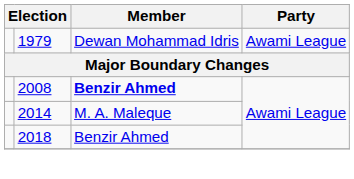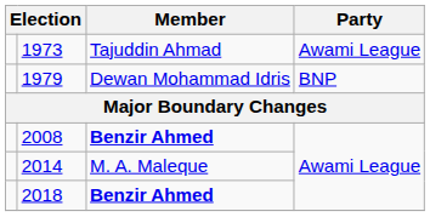 <table class="wikitable">
 <tr>
 <th colspan="2">Election</th>
 <th>Member</th>
 <th>Party</th>
 </tr>
 <tr>
 <td style="background-color:"></td>
+<td><a href='#'>1973</a></td>
+<td><a href='#'>Tajuddin Ahmad</a></td>
+<td><a href='#'>Awami League</a></td>
+</tr>
+<tr>
+<td style="background-color:"></td>
 <td><a href='#'>1979</a></td>
 <td><a href='#'>Dewan Mohammad Idris</a></td>
-<td><a href='#'>Awami League</a></td>
+<td><a href='#'>BNP</a></td>
 </tr>
 <tr>
 <th colspan="4">Major Boundary Changes</th>
 </tr>
 <tr>
 <td style="background-color:"></td>
 <td><a href='#'>2008</a></td>
 <td><strong><a href='#'>Benzir Ahmed</a></strong></td>
 <td rowspan="3"><a href='#'>Awami League</a></td>
 </tr>
 <tr>
 <td style="background-color:"></td>
 <td><a href='#'>2014</a></td>
 <td><a href='#'>M. A. Maleque</a></td>
 </tr>
 <tr>
 <td style="background-color:"></td>
 <td><a href='#'>2018</a></td>
-<td><a href='#'>Benzir Ahmed</a></td>
+<td><strong><a href='#'>Benzir Ahmed</a></strong></td>
 </tr>
 <tr>
 </tr>
 </table>
